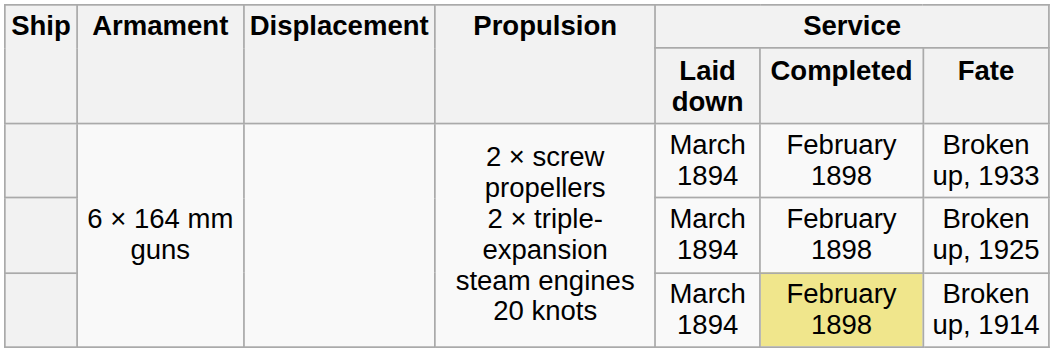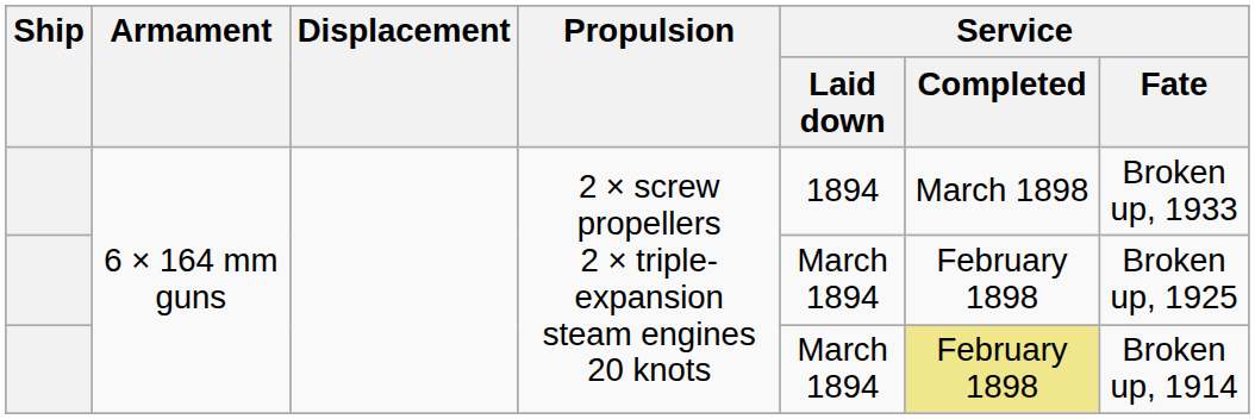 <table class="wikitable plainrowheaders" style="text-align: center;">
 <tr valign="top">
 <th scope="col" rowspan="2">Ship</th>
 <th scope="col" rowspan="2">Armament</th>
 <th scope="col" rowspan="2">Displacement</th>
 <th scope="col" rowspan="2">Propulsion</th>
 <th scope="col" colspan="3">Service</th>
 </tr>
 <tr valign="top">
 <th scope="col">Laid down</th>
 <th scope="col">Completed</th>
 <th scope="col">Fate</th>
 </tr>
 <tr valign="center">
 <th scope="row"></th>
 <td rowspan="3">6 × 164 mm guns</td>
 <td rowspan="3"></td>
 <td rowspan="3">2 × screw propellers<br>2 × triple-expansion steam engines<br>20 knots</td>
-<td>March 1894</td>
-<td>February 1898</td>
+<td>1894</td>
+<td>March 1898</td>
 <td>Broken up, 1933</td>
 </tr>
 <tr valign="center">
 <th scope="row"></th>
 <td>March 1894</td>
 <td>February 1898</td>
 <td>Broken up, 1925</td>
 </tr>
 <tr valign="center">
 <th scope="row"></th>
 <td>March 1894</td>
 <td style="background: khaki;">February 1898</td>
 <td>Broken up, 1914</td>
 </tr>
 </table>
